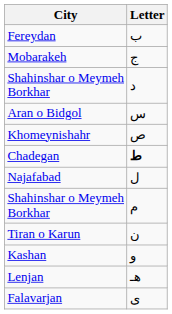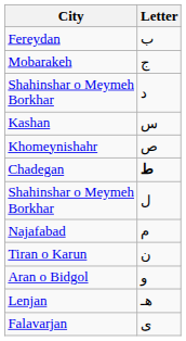 <table class="wikitable">
 <tr>
 <th>City</th>
 <th>Letter</th>
 </tr>
 <tr>
 <td><a href='#'>Fereydan</a></td>
 <td>ب</td>
 </tr>
 <tr>
 <td><a href='#'>Mobarakeh</a></td>
 <td>ج</td>
 </tr>
 <tr>
 <td><a href='#'>Shahinshar o Meymeh</a><br><a href='#'>Borkhar</a></td>
 <td>د</td>
 </tr>
 <tr>
-<td><a href='#'>Aran o Bidgol</a></td>
+<td><a href='#'>Kashan</a></td>
 <td>س</td>
 </tr>
 <tr>
 <td><a href='#'>Khomeynishahr</a></td>
 <td>ص</td>
 </tr>
 <tr>
 <td><a href='#'>Chadegan</a></td>
 <td><strong>ط</strong></td>
 </tr>
 <tr>
-<td><a href='#'>Najafabad</a></td>
+<td><a href='#'>Shahinshar o Meymeh</a><br><a href='#'>Borkhar</a></td>
 <td>ل</td>
 </tr>
 <tr>
-<td><a href='#'>Shahinshar o Meymeh</a><br><a href='#'>Borkhar</a></td>
+<td><a href='#'>Najafabad</a></td>
 <td>م</td>
 </tr>
 <tr>
 <td><a href='#'>Tiran o Karun</a></td>
 <td>ن</td>
 </tr>
 <tr>
-<td><a href='#'>Kashan</a></td>
+<td><a href='#'>Aran o Bidgol</a></td>
 <td>و</td>
 </tr>
 <tr>
 <td><a href='#'>Lenjan</a></td>
 <td>هـ</td>
 </tr>
 <tr>
 <td><a href='#'>Falavarjan</a></td>
 <td>ی</td>
 </tr>
 </table>
